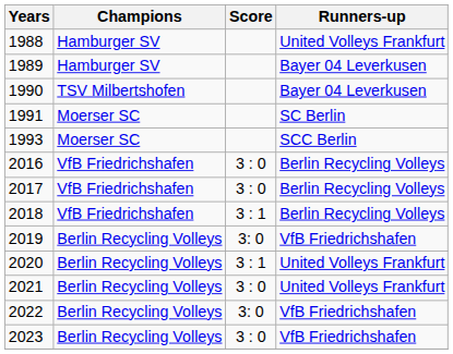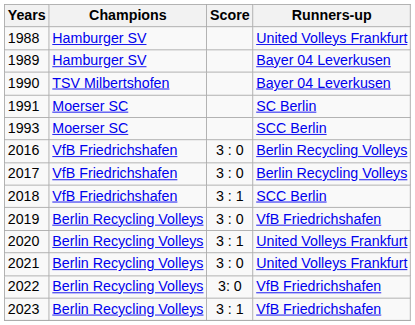 <table class="wikitable"">
 <tr>
 <th>Years</th>
 <th>Champions</th>
 <th>Score</th>
 <th>Runners-up</th>
 </tr>
 <tr>
 <td>1988</td>
 <td><a href='#'>Hamburger SV</a></td>
 <td align="center"></td>
 <td><a href='#'>United Volleys Frankfurt</a></td>
 </tr>
 <tr>
 <td>1989</td>
 <td><a href='#'>Hamburger SV</a></td>
 <td align="center"></td>
 <td><a href='#'>Bayer 04 Leverkusen</a></td>
 </tr>
 <tr>
 <td>1990</td>
 <td><a href='#'>TSV Milbertshofen</a></td>
 <td align="center"></td>
 <td><a href='#'>Bayer 04 Leverkusen</a></td>
 </tr>
 <tr>
 <td>1991</td>
 <td><a href='#'>Moerser SC</a></td>
 <td align="center"></td>
 <td><a href='#'>SC Berlin</a></td>
 </tr>
 <tr>
 <td>1993</td>
 <td><a href='#'>Moerser SC</a></td>
 <td align="center"></td>
 <td><a href='#'>SCC Berlin</a></td>
 </tr>
 <tr>
 <td>2016 </td>
 <td><a href='#'>VfB Friedrichshafen</a></td>
 <td align="center">3 : 0</td>
 <td><a href='#'>Berlin Recycling Volleys</a></td>
 </tr>
 <tr>
 <td>2017</td>
 <td><a href='#'>VfB Friedrichshafen</a></td>
 <td align="center">3 : 0</td>
 <td><a href='#'>Berlin Recycling Volleys</a></td>
 </tr>
 <tr>
 <td>2018 </td>
 <td><a href='#'>VfB Friedrichshafen</a></td>
 <td align="center">3 : 1</td>
-<td><a href='#'>Berlin Recycling Volleys</a></td>
+<td><a href='#'>SCC Berlin</a></td>
 </tr>
 <tr>
 <td>2019</td>
 <td><a href='#'>Berlin Recycling Volleys</a></td>
-<td align="center">3: 0</td>
+<td align="center">3 : 0</td>
 <td><a href='#'>VfB Friedrichshafen</a></td>
 </tr>
 <tr>
 <td>2020</td>
 <td><a href='#'>Berlin Recycling Volleys</a></td>
 <td align="center">3 : 1</td>
 <td><a href='#'>United Volleys Frankfurt</a></td>
 </tr>
 <tr>
 <td>2021</td>
 <td><a href='#'>Berlin Recycling Volleys</a></td>
 <td align="center">3 : 0</td>
 <td><a href='#'>United Volleys Frankfurt</a></td>
 </tr>
 <tr>
 <td>2022</td>
 <td><a href='#'>Berlin Recycling Volleys</a></td>
 <td align="center">3: 0</td>
 <td><a href='#'>VfB Friedrichshafen</a></td>
 </tr>
 <tr>
 <td>2023</td>
 <td><a href='#'>Berlin Recycling Volleys</a></td>
-<td align="center">3 : 0</td>
+<td align="center">3 : 1</td>
 <td><a href='#'>VfB Friedrichshafen</a></td>
 </tr>
 <tr>
 </tr>
 </table>
